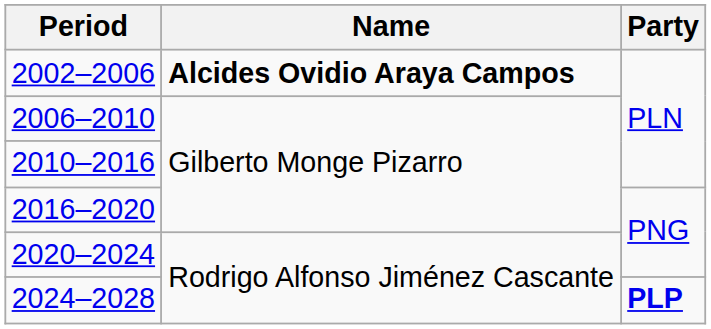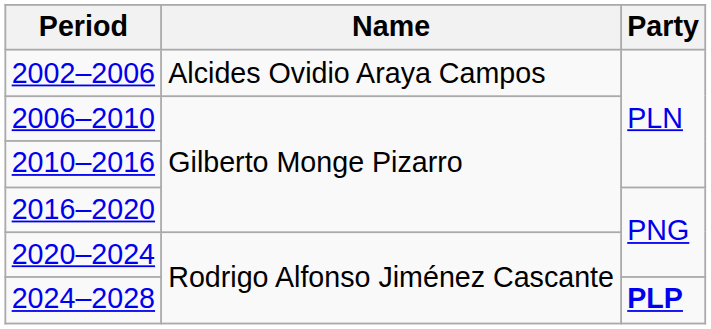 <table class="wikitable" style="margin:auto">
 <tr>
 <th>Period</th>
 <th>Name</th>
 <th>Party</th>
 </tr>
 <tr>
 <td><a href='#'>2002–2006</a></td>
-<td><strong>Alcides Ovidio Araya Campos</strong></td>
+<td>Alcides Ovidio Araya Campos</td>
 <td rowspan="3"> <a href='#'>PLN</a></td>
 </tr>
 <tr>
 <td><a href='#'>2006–2010</a></td>
 <td rowspan="3">Gilberto Monge Pizarro</td>
 </tr>
 <tr>
 <td><a href='#'>2010–2016</a></td>
 </tr>
 <tr>
 <td><a href='#'>2016–2020</a></td>
 <td rowspan="2"> <a href='#'>PNG</a></td>
 </tr>
 <tr>
 <td><a href='#'>2020–2024</a></td>
 <td rowspan="2">Rodrigo Alfonso Jiménez Cascante</td>
 </tr>
 <tr>
 <td><a href='#'>2024–2028</a></td>
 <td><strong> <a href='#'>PLP</a></strong></td>
 </tr>
 </table>
